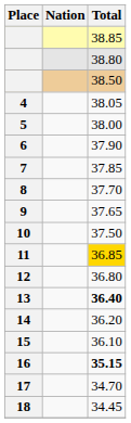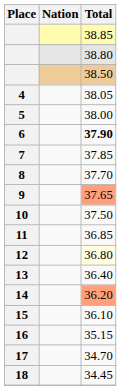 <table class="wikitable sortable">
 <tr>
 <th>Place</th>
 <th>Nation</th>
 <th>Total</th>
 </tr>
 <tr bgcolor=fffcaf>
 <th></th>
 <td></td>
 <td>38.85</td>
 </tr>
 <tr bgcolor=e5e5e5>
 <th></th>
 <td></td>
 <td>38.80</td>
 </tr>
 <tr bgcolor=eecc99>
 <th></th>
 <td></td>
 <td>38.50</td>
 </tr>
 <tr>
 <th>4</th>
 <td></td>
 <td>38.05</td>
 </tr>
 <tr>
 <th>5</th>
 <td></td>
 <td>38.00</td>
 </tr>
 <tr>
 <th>6</th>
 <td></td>
-<td>37.90</td>
+<td><strong>37.90</strong></td>
 </tr>
 <tr>
 <th>7</th>
 <td></td>
 <td>37.85</td>
 </tr>
 <tr>
 <th>8</th>
 <td></td>
 <td>37.70</td>
 </tr>
 <tr>
 <th>9</th>
 <td></td>
-<td>37.65</td>
+<td style="background: lightsalmon;">37.65</td>
 </tr>
 <tr>
 <th>10</th>
 <td></td>
 <td>37.50</td>
 </tr>
 <tr>
 <th>11</th>
 <td></td>
-<td style="background: gold;">36.85</td>
+<td>36.85</td>
 </tr>
 <tr>
 <th>12</th>
 <td></td>
-<td>36.80</td>
+<td style="background: lightyellow;">36.80</td>
 </tr>
 <tr>
 <th>13</th>
 <td></td>
-<td><strong>36.40</strong></td>
+<td>36.40</td>
 </tr>
 <tr>
 <th>14</th>
 <td></td>
-<td>36.20</td>
+<td style="background: lightsalmon;">36.20</td>
 </tr>
 <tr>
 <th>15</th>
 <td></td>
 <td>36.10</td>
 </tr>
 <tr>
 <th>16</th>
 <td></td>
-<td><strong>35.15</strong></td>
+<td>35.15</td>
 </tr>
 <tr>
 <th>17</th>
 <td></td>
 <td>34.70</td>
 </tr>
 <tr>
 <th>18</th>
 <td></td>
 <td>34.45</td>
 </tr>
 <tr>
 </tr>
 </table>
